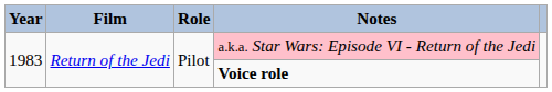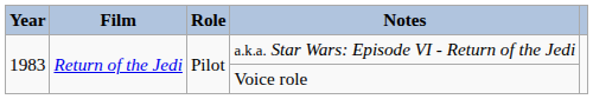 <table class="wikitable" style="font-size:95%;">
 <tr>
 <th style="background:#B0C4DE;">Year</th>
 <th style="background:#B0C4DE;">Film</th>
 <th style="background:#B0C4DE;">Role</th>
 <th style="background:#B0C4DE;">Notes</th>
 <th style="background:#B0C4DE;"></th>
 </tr>
 <tr>
 <td rowspan="2">1983</td>
 <td rowspan="2"><em><a href='#'>Return of the Jedi</a></em></td>
 <td rowspan="2">Pilot</td>
-<td style="background: pink;"><small>a.k.a.</small> <em>Star Wars: Episode VI - Return of the Jedi</em></td>
+<td><small>a.k.a.</small> <em>Star Wars: Episode VI - Return of the Jedi</em></td>
 <td rowspan="2"></td>
 </tr>
 <tr>
-<td><strong>Voice role</strong></td>
+<td>Voice role</td>
 </tr>
 </table>
